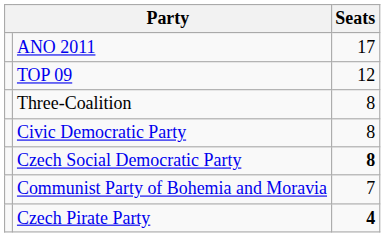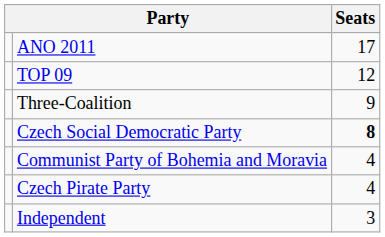 <table class=wikitable style=text-align:right>
 <tr>
 <th colspan=2>Party</th>
 <th>Seats</th>
 </tr>
 <tr>
 <td Style="background:"></td>
 <td align=left><a href='#'>ANO 2011</a></td>
 <td>17</td>
 </tr>
 <tr>
 <td Style="background:"></td>
 <td align=left><a href='#'>TOP 09</a></td>
 <td>12</td>
 </tr>
 <tr>
 <td Style="background:"></td>
 <td align=left>Three-Coalition</td>
-<td>8</td>
-</tr>
-<tr>
-<td Style="background:"></td>
-<td align=left><a href='#'>Civic Democratic Party</a></td>
-<td>8</td>
+<td>9</td>
 </tr>
 <tr>
 <td Style="background:"></td>
 <td align=left><a href='#'>Czech Social Democratic Party</a></td>
 <td><strong>8</strong></td>
 </tr>
 <tr>
 <td Style="background:"></td>
 <td align=left><a href='#'>Communist Party of Bohemia and Moravia</a></td>
-<td>7</td>
+<td>4</td>
 </tr>
 <tr>
 <td Style="background:"></td>
 <td align=left><a href='#'>Czech Pirate Party</a></td>
-<td><strong>4</strong></td>
+<td>4</td>
+</tr>
+<tr>
+<td Style="background:"></td>
+<td align=left><a href='#'>Independent</a></td>
+<td>3</td>
 </tr>
 </table>
